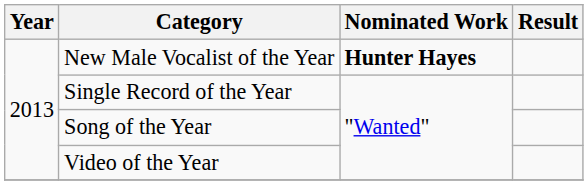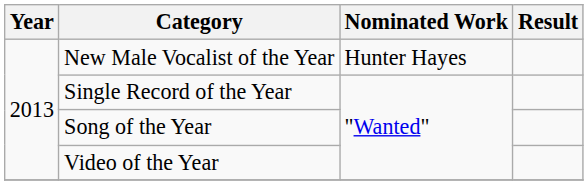 <table class="wikitable">
 <tr>
 <th>Year</th>
 <th>Category</th>
 <th>Nominated Work</th>
 <th>Result</th>
 </tr>
 <tr>
 <td rowspan="4">2013</td>
 <td>New Male Vocalist of the Year</td>
-<td><strong>Hunter Hayes</strong></td>
+<td>Hunter Hayes</td>
 <td></td>
 </tr>
 <tr>
 <td>Single Record of the Year</td>
 <td rowspan="3">"<a href='#'>Wanted</a>"</td>
 <td></td>
 </tr>
 <tr>
 <td>Song of the Year</td>
 <td></td>
 </tr>
 <tr>
 <td>Video of the Year</td>
 <td></td>
 </tr>
 <tr>
 </tr>
 </table>
